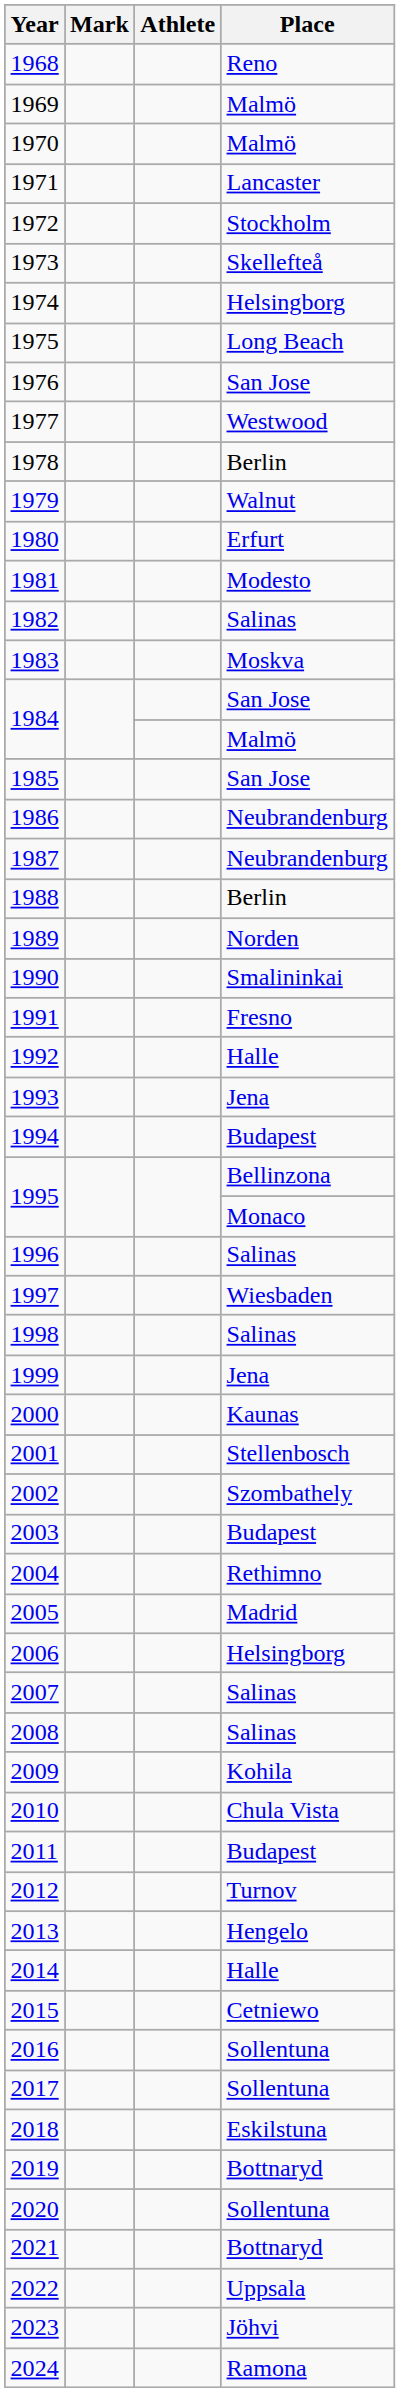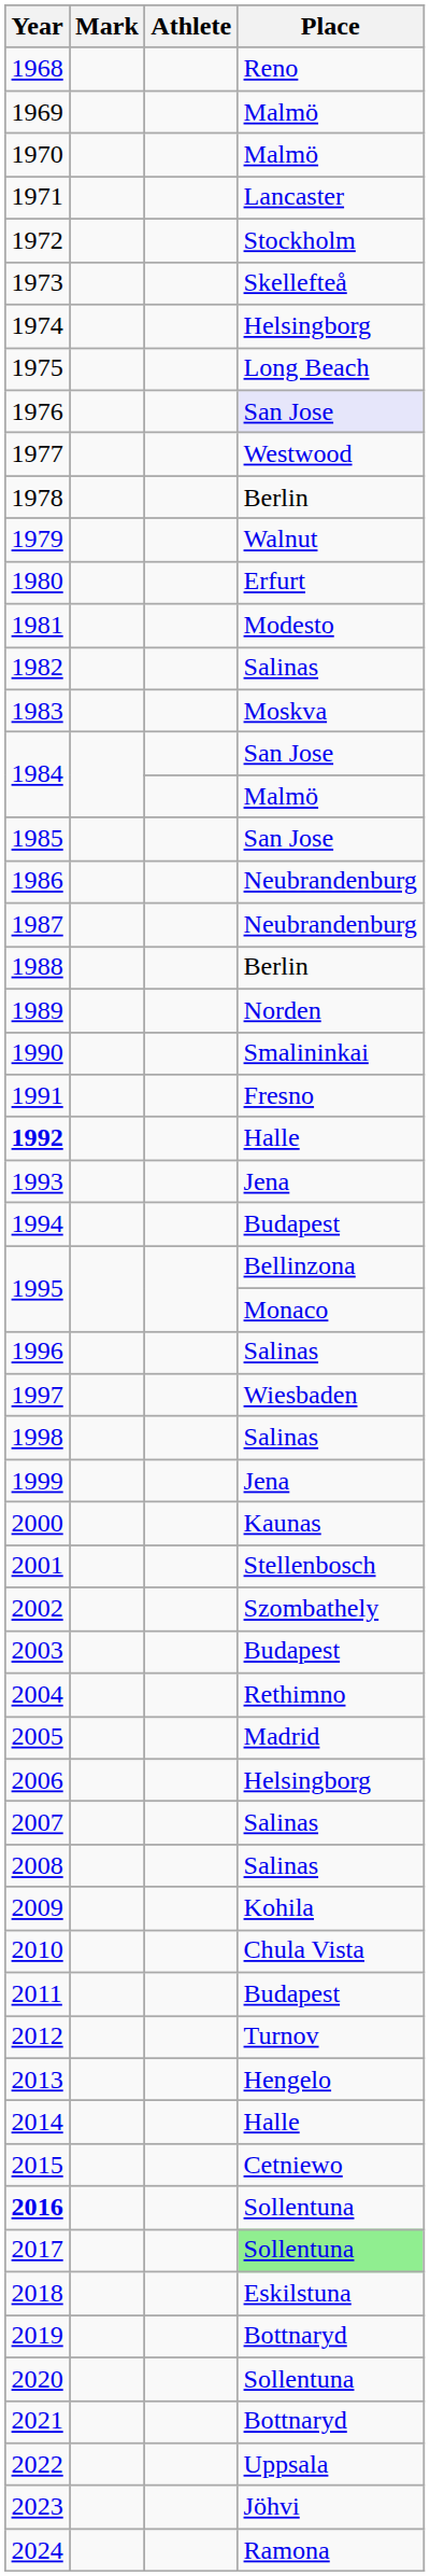 <table class="wikitable sortable" style="font-size:85%;">
 <tr>
 <th>Year</th>
 <th>Mark</th>
 <th>Athlete</th>
 <th>Place</th>
 </tr>
 <tr>
 <td><a href='#'>1968</a></td>
 <td></td>
 <td align=left></td>
 <td><a href='#'>Reno</a></td>
 </tr>
 <tr>
 <td>1969</td>
 <td></td>
 <td align=left></td>
 <td><a href='#'>Malmö</a></td>
 </tr>
 <tr>
 <td>1970</td>
 <td></td>
 <td align=left></td>
 <td><a href='#'>Malmö</a></td>
 </tr>
 <tr>
 <td>1971</td>
 <td></td>
 <td align=left></td>
 <td><a href='#'>Lancaster</a></td>
 </tr>
 <tr>
 <td>1972</td>
 <td></td>
 <td align=left></td>
 <td><a href='#'>Stockholm</a></td>
 </tr>
 <tr>
 <td>1973</td>
 <td></td>
 <td align=left></td>
 <td><a href='#'>Skellefteå</a></td>
 </tr>
 <tr>
 <td>1974</td>
 <td></td>
 <td align=left></td>
 <td><a href='#'>Helsingborg</a></td>
 </tr>
 <tr>
 <td>1975</td>
 <td></td>
 <td align=left></td>
 <td><a href='#'>Long Beach</a></td>
 </tr>
 <tr>
 <td>1976</td>
 <td></td>
 <td align=left></td>
-<td><a href='#'>San Jose</a></td>
+<td style="background: lavender;"><a href='#'>San Jose</a></td>
 </tr>
 <tr>
 <td>1977</td>
 <td></td>
 <td align=left></td>
 <td><a href='#'>Westwood</a></td>
 </tr>
 <tr>
 <td>1978</td>
 <td></td>
 <td align=left></td>
 <td>Berlin</td>
 </tr>
 <tr>
 <td><a href='#'>1979</a></td>
 <td></td>
 <td align=left></td>
 <td><a href='#'>Walnut</a></td>
 </tr>
 <tr>
 <td><a href='#'>1980</a></td>
 <td></td>
 <td align=left></td>
 <td><a href='#'>Erfurt</a></td>
 </tr>
 <tr>
 <td><a href='#'>1981</a></td>
 <td></td>
 <td align=left></td>
 <td><a href='#'>Modesto</a></td>
 </tr>
 <tr>
 <td><a href='#'>1982</a></td>
 <td></td>
 <td align=left></td>
 <td><a href='#'>Salinas</a></td>
 </tr>
 <tr>
 <td><a href='#'>1983</a></td>
 <td></td>
 <td align=left></td>
 <td><a href='#'>Moskva</a></td>
 </tr>
 <tr>
 <td rowspan=2><a href='#'>1984</a></td>
 <td rowspan=2></td>
 <td align=left></td>
 <td><a href='#'>San Jose</a></td>
 </tr>
 <tr>
 <td align=left></td>
 <td><a href='#'>Malmö</a></td>
 </tr>
 <tr>
 <td><a href='#'>1985</a></td>
 <td></td>
 <td align=left></td>
 <td><a href='#'>San Jose</a></td>
 </tr>
 <tr>
 <td><a href='#'>1986</a></td>
 <td></td>
 <td align=left></td>
 <td><a href='#'>Neubrandenburg</a></td>
 </tr>
 <tr>
 <td><a href='#'>1987</a></td>
 <td></td>
 <td align=left></td>
 <td><a href='#'>Neubrandenburg</a></td>
 </tr>
 <tr>
 <td><a href='#'>1988</a></td>
 <td></td>
 <td align=left></td>
 <td>Berlin</td>
 </tr>
 <tr>
 <td><a href='#'>1989</a></td>
 <td></td>
 <td align=left></td>
 <td><a href='#'>Norden</a></td>
 </tr>
 <tr>
 <td><a href='#'>1990</a></td>
 <td></td>
 <td align=left></td>
 <td><a href='#'>Smalininkai</a></td>
 </tr>
 <tr>
 <td><a href='#'>1991</a></td>
 <td></td>
 <td align=left></td>
 <td><a href='#'>Fresno</a></td>
 </tr>
 <tr>
-<td><a href='#'>1992</a></td>
+<td><strong><a href='#'>1992</a></strong></td>
 <td></td>
 <td align=left></td>
 <td><a href='#'>Halle</a></td>
 </tr>
 <tr>
 <td><a href='#'>1993</a></td>
 <td></td>
 <td align=left></td>
 <td><a href='#'>Jena</a></td>
 </tr>
 <tr>
 <td><a href='#'>1994</a></td>
 <td></td>
 <td align=left></td>
 <td><a href='#'>Budapest</a></td>
 </tr>
 <tr>
 <td rowspan=2><a href='#'>1995</a></td>
 <td rowspan=2></td>
 <td rowspan=2 align=left></td>
 <td><a href='#'>Bellinzona</a></td>
 </tr>
 <tr>
 <td><a href='#'>Monaco</a></td>
 </tr>
 <tr>
 <td><a href='#'>1996</a></td>
 <td></td>
 <td align=left></td>
 <td><a href='#'>Salinas</a></td>
 </tr>
 <tr>
 <td><a href='#'>1997</a></td>
 <td></td>
 <td align=left></td>
 <td><a href='#'>Wiesbaden</a></td>
 </tr>
 <tr>
 <td><a href='#'>1998</a></td>
 <td></td>
 <td align=left></td>
 <td><a href='#'>Salinas</a></td>
 </tr>
 <tr>
 <td><a href='#'>1999</a></td>
 <td></td>
 <td align=left></td>
 <td><a href='#'>Jena</a></td>
 </tr>
 <tr>
 <td><a href='#'>2000</a></td>
 <td></td>
 <td align=left></td>
 <td><a href='#'>Kaunas</a></td>
 </tr>
 <tr>
 <td><a href='#'>2001</a></td>
 <td></td>
 <td align=left></td>
 <td><a href='#'>Stellenbosch</a></td>
 </tr>
 <tr>
 <td><a href='#'>2002</a></td>
 <td></td>
 <td align=left></td>
 <td><a href='#'>Szombathely</a></td>
 </tr>
 <tr>
 <td><a href='#'>2003</a></td>
 <td></td>
 <td align=left></td>
 <td><a href='#'>Budapest</a></td>
 </tr>
 <tr>
 <td><a href='#'>2004</a></td>
 <td></td>
 <td align=left></td>
 <td><a href='#'>Rethimno</a></td>
 </tr>
 <tr>
 <td><a href='#'>2005</a></td>
 <td></td>
 <td align=left></td>
 <td><a href='#'>Madrid</a></td>
 </tr>
 <tr>
 <td><a href='#'>2006</a></td>
 <td></td>
 <td align=left></td>
 <td><a href='#'>Helsingborg</a></td>
 </tr>
 <tr>
 <td><a href='#'>2007</a></td>
 <td></td>
 <td align=left></td>
 <td><a href='#'>Salinas</a></td>
 </tr>
 <tr>
 <td><a href='#'>2008</a></td>
 <td></td>
 <td align=left></td>
 <td><a href='#'>Salinas</a></td>
 </tr>
 <tr>
 <td><a href='#'>2009</a></td>
 <td></td>
 <td align=left></td>
 <td><a href='#'>Kohila</a></td>
 </tr>
 <tr>
 <td><a href='#'>2010</a></td>
 <td></td>
 <td align=left></td>
 <td><a href='#'>Chula Vista</a></td>
 </tr>
 <tr>
 <td><a href='#'>2011</a></td>
 <td></td>
 <td align=left></td>
 <td><a href='#'>Budapest</a></td>
 </tr>
 <tr>
 <td><a href='#'>2012</a></td>
 <td></td>
 <td align=left></td>
 <td><a href='#'>Turnov</a></td>
 </tr>
 <tr>
 <td><a href='#'>2013</a></td>
 <td></td>
 <td align=left></td>
 <td><a href='#'>Hengelo</a></td>
 </tr>
 <tr>
 <td><a href='#'>2014</a></td>
 <td></td>
 <td align=left></td>
 <td><a href='#'>Halle</a></td>
 </tr>
 <tr>
 <td><a href='#'>2015</a></td>
 <td></td>
 <td align=left></td>
 <td><a href='#'>Cetniewo</a></td>
 </tr>
 <tr>
-<td><a href='#'>2016</a></td>
+<td><strong><a href='#'>2016</a></strong></td>
 <td></td>
 <td align=left></td>
 <td><a href='#'>Sollentuna</a></td>
 </tr>
 <tr>
 <td><a href='#'>2017</a></td>
 <td></td>
 <td align=left></td>
-<td><a href='#'>Sollentuna</a></td>
+<td style="background: lightgreen;"><a href='#'>Sollentuna</a></td>
 </tr>
 <tr>
 <td><a href='#'>2018</a></td>
 <td></td>
 <td align=left></td>
 <td><a href='#'>Eskilstuna</a></td>
 </tr>
 <tr>
 <td><a href='#'>2019</a></td>
 <td></td>
 <td align=left></td>
 <td><a href='#'>Bottnaryd</a></td>
 </tr>
 <tr>
 <td><a href='#'>2020</a></td>
 <td></td>
 <td align=left></td>
 <td><a href='#'>Sollentuna</a></td>
 </tr>
 <tr>
 <td><a href='#'>2021</a></td>
 <td></td>
 <td align=left></td>
 <td><a href='#'>Bottnaryd</a></td>
 </tr>
 <tr>
 <td><a href='#'>2022</a></td>
 <td></td>
 <td align=left></td>
 <td><a href='#'>Uppsala</a></td>
 </tr>
 <tr>
 <td><a href='#'>2023</a></td>
 <td></td>
 <td align=left></td>
 <td><a href='#'>Jöhvi</a></td>
 </tr>
 <tr>
 <td><a href='#'>2024</a></td>
 <td></td>
 <td align=left></td>
 <td><a href='#'>Ramona</a></td>
 </tr>
 </table>
